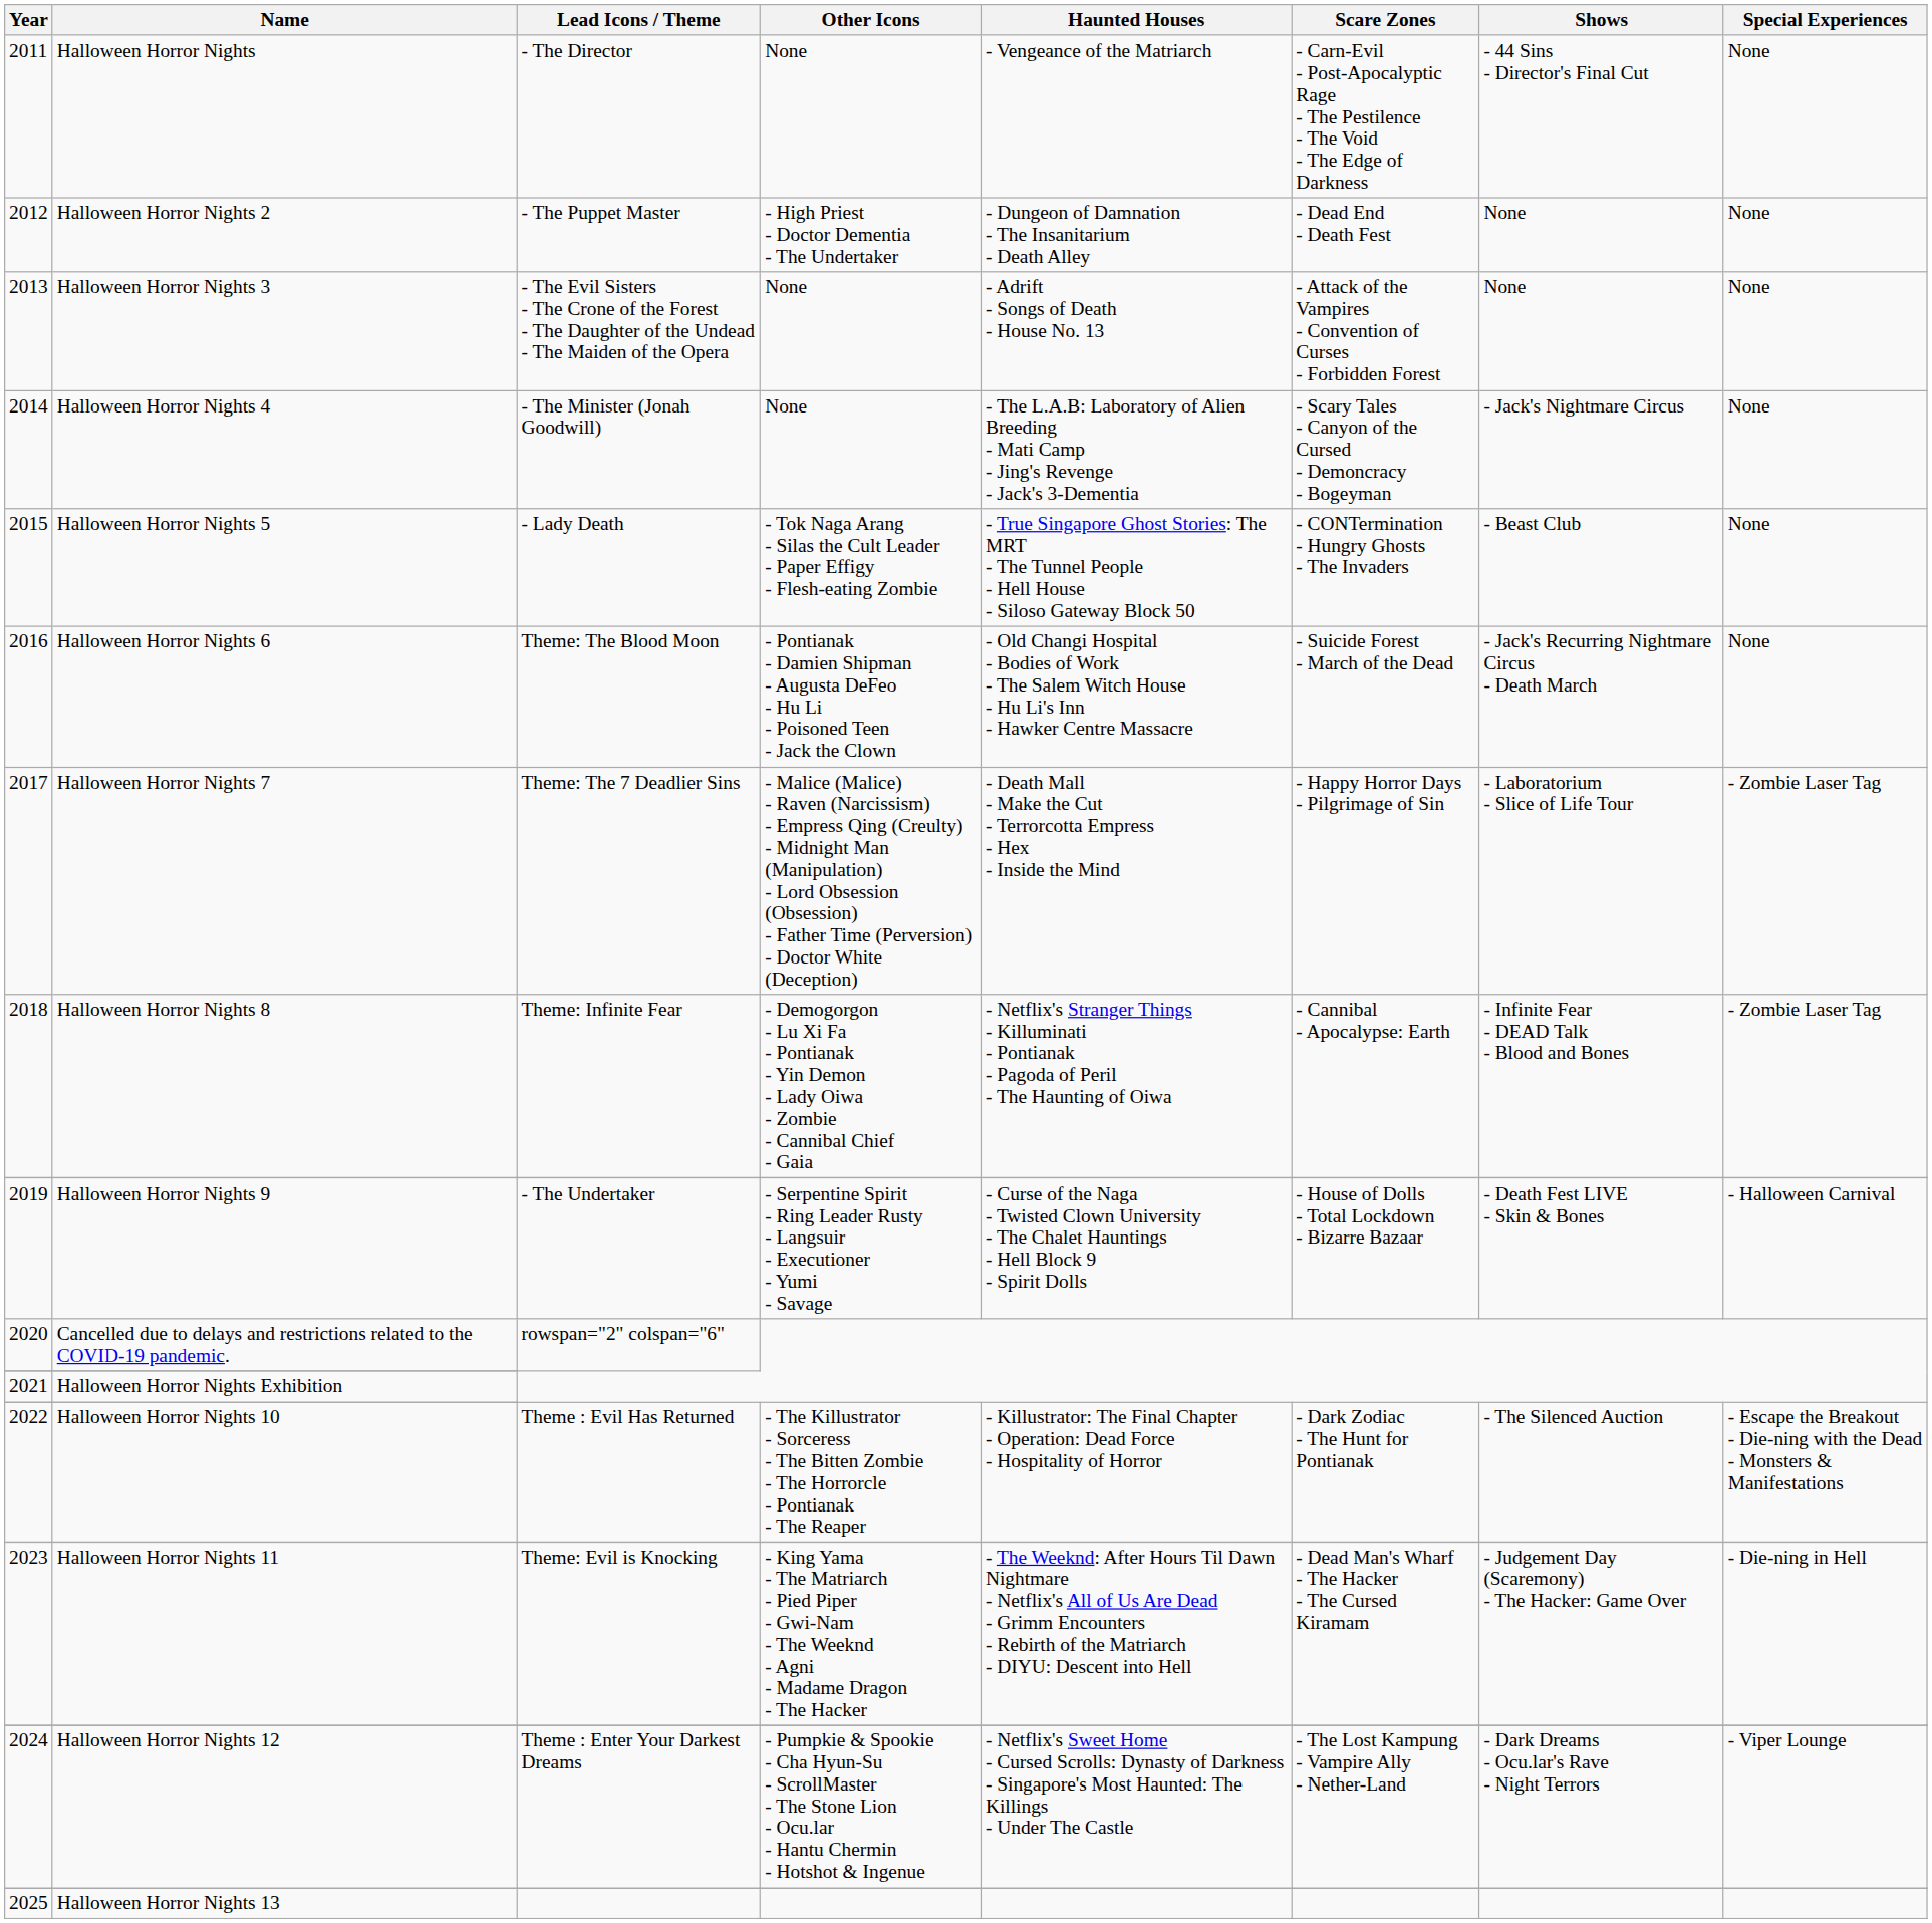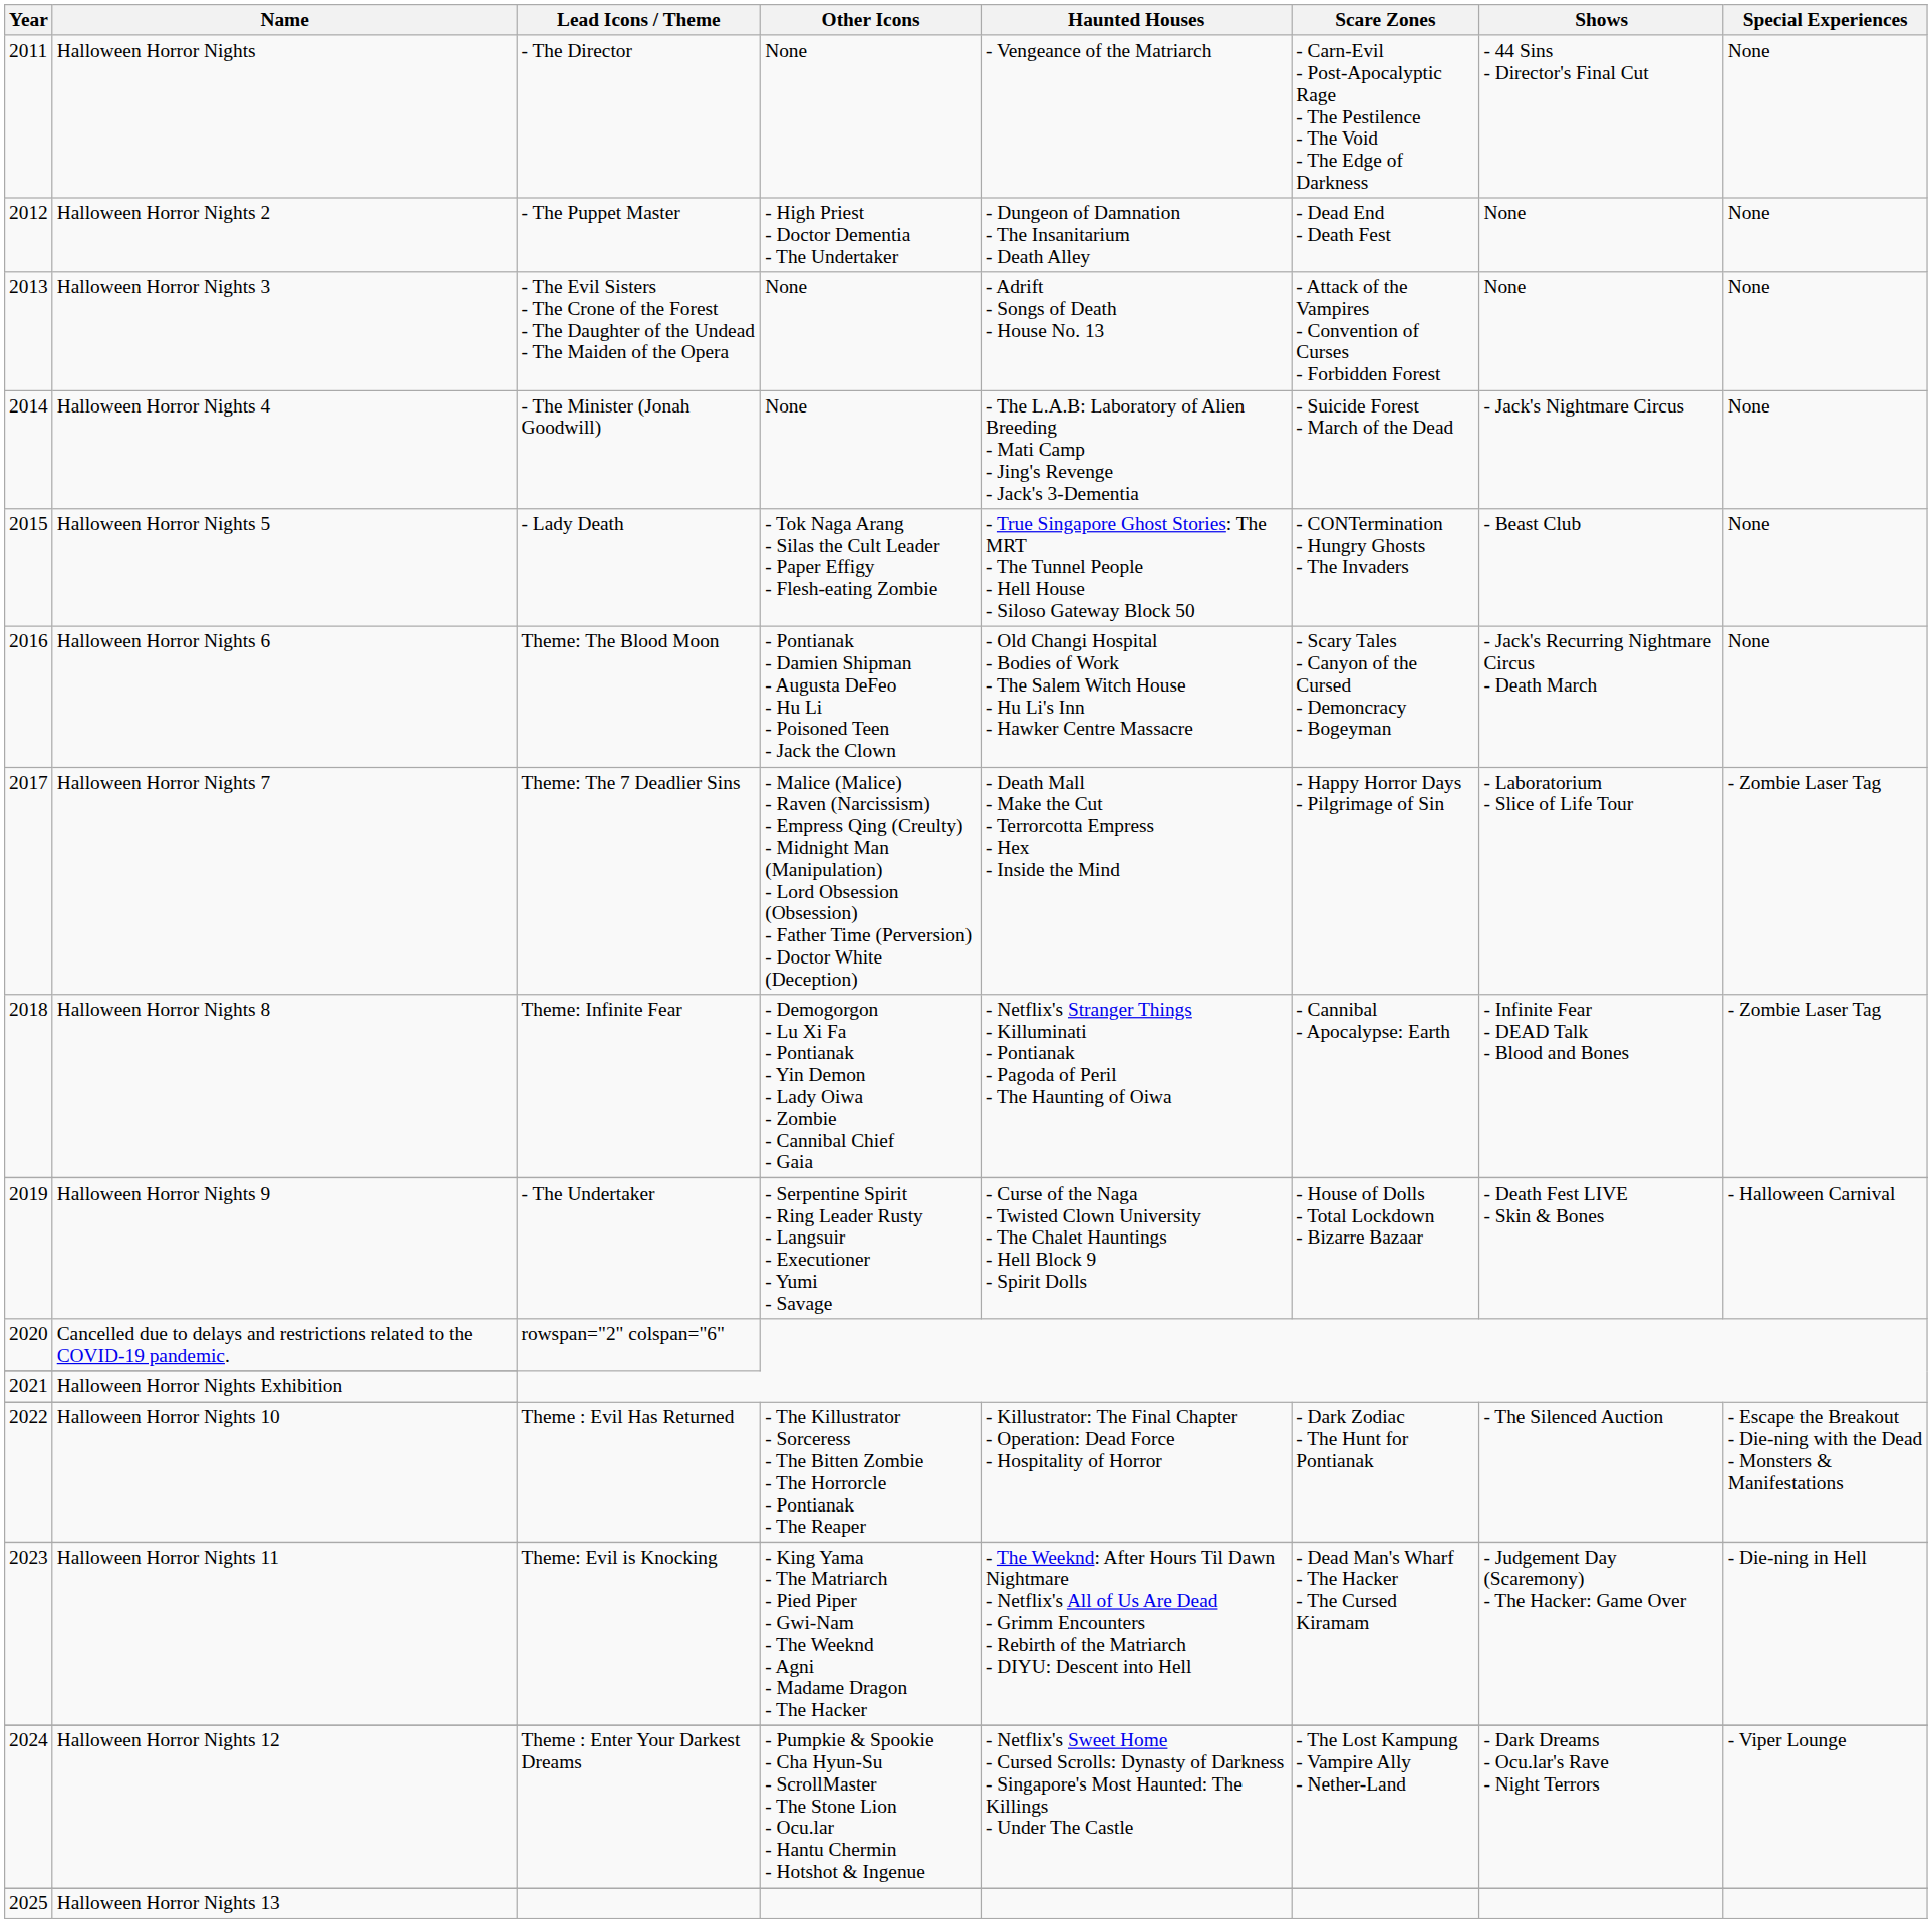 <table class="wikitable collapsible collapsed" style="width:100%">
 <tr>
 <th>Year</th>
 <th>Name</th>
 <th>Lead Icons / Theme</th>
 <th>Other Icons</th>
 <th>Haunted Houses</th>
 <th>Scare Zones</th>
 <th>Shows</th>
 <th>Special Experiences</th>
 </tr>
 <tr valign="top">
 <td>2011</td>
 <td>Halloween Horror Nights</td>
 <td>- The Director</td>
 <td>None</td>
 <td>- Vengeance of the Matriarch</td>
 <td>- Carn-Evil<br>- Post-Apocalyptic Rage<br>- The Pestilence<br>- The Void<br>- The Edge of Darkness</td>
 <td>- 44 Sins<br>- Director's Final Cut</td>
 <td>None</td>
 </tr>
 <tr valign="top">
 <td>2012</td>
 <td>Halloween Horror Nights 2</td>
 <td>- The Puppet Master</td>
 <td>- High Priest<br>- Doctor Dementia<br>- The Undertaker</td>
 <td>- Dungeon of Damnation<br>- The Insanitarium<br>- Death Alley</td>
 <td>- Dead End<br>- Death Fest</td>
 <td>None</td>
 <td>None</td>
 </tr>
 <tr valign="top">
 <td>2013</td>
 <td>Halloween Horror Nights 3</td>
 <td>- The Evil Sisters<br>- The Crone of the Forest<br>- The Daughter of the Undead<br>- The Maiden of the Opera</td>
 <td>None</td>
 <td>- Adrift<br>- Songs of Death<br>- House No. 13</td>
 <td>- Attack of the Vampires<br>- Convention of Curses<br>- Forbidden Forest</td>
 <td>None</td>
 <td>None</td>
 </tr>
 <tr valign="top">
 <td>2014</td>
 <td>Halloween Horror Nights 4</td>
 <td>- The Minister (Jonah Goodwill)</td>
 <td>None</td>
 <td>- The L.A.B: Laboratory of Alien Breeding<br>- Mati Camp<br>- Jing's Revenge<br>- Jack's 3-Dementia</td>
-<td>- Scary Tales<br>- Canyon of the Cursed<br>- Demoncracy<br>- Bogeyman</td>
+<td>- Suicide Forest<br>- March of the Dead</td>
 <td>- Jack's Nightmare Circus</td>
 <td>None</td>
 </tr>
 <tr valign="top">
 <td>2015</td>
 <td>Halloween Horror Nights 5</td>
 <td>- Lady Death</td>
 <td>- Tok Naga Arang<br>- Silas the Cult Leader<br>- Paper Effigy<br>- Flesh-eating Zombie</td>
 <td>- <a href='#'>True Singapore Ghost Stories</a>: The MRT<br>- The Tunnel People<br>- Hell House<br>- Siloso Gateway Block 50</td>
 <td>- CONTermination<br>- Hungry Ghosts<br>- The Invaders</td>
 <td>- Beast Club</td>
 <td>None</td>
 </tr>
 <tr valign="top">
 <td>2016</td>
 <td>Halloween Horror Nights 6</td>
 <td>Theme: The Blood Moon</td>
 <td>- Pontianak<br>- Damien Shipman<br>- Augusta DeFeo<br>- Hu Li<br>- Poisoned Teen<br>- Jack the Clown</td>
 <td>- Old Changi Hospital<br>- Bodies of Work<br>- The Salem Witch House<br>- Hu Li's Inn<br>- Hawker Centre Massacre</td>
-<td>- Suicide Forest<br>- March of the Dead</td>
+<td>- Scary Tales<br>- Canyon of the Cursed<br>- Demoncracy<br>- Bogeyman</td>
 <td>- Jack's Recurring Nightmare Circus<br>- Death March</td>
 <td>None</td>
 </tr>
 <tr valign="top">
 <td>2017</td>
 <td>Halloween Horror Nights 7</td>
 <td>Theme: The 7 Deadlier Sins</td>
 <td>- Malice (Malice)<br>- Raven (Narcissism)<br>- Empress Qing (Creulty)<br>- Midnight Man (Manipulation)<br>- Lord Obsession (Obsession)<br>- Father Time (Perversion)<br>- Doctor White (Deception)</td>
 <td>- Death Mall<br>- Make the Cut<br>- Terrorcotta Empress<br>- Hex<br>- Inside the Mind</td>
 <td>- Happy Horror Days<br>- Pilgrimage of Sin</td>
 <td>- Laboratorium<br>- Slice of Life Tour</td>
 <td>- Zombie Laser Tag</td>
 </tr>
 <tr valign="top">
 <td>2018</td>
 <td>Halloween Horror Nights 8</td>
 <td>Theme: Infinite Fear</td>
 <td>- Demogorgon<br>- Lu Xi Fa<br>- Pontianak<br>- Yin Demon<br>- Lady Oiwa<br>- Zombie<br>- Cannibal Chief<br>- Gaia</td>
 <td>- Netflix's <a href='#'>Stranger Things</a><br>- Killuminati<br>- Pontianak<br>- Pagoda of Peril<br>- The Haunting of Oiwa</td>
 <td>- Cannibal<br>- Apocalypse: Earth</td>
 <td>- Infinite Fear<br>- DEAD Talk<br>- Blood and Bones</td>
 <td>- Zombie Laser Tag</td>
 </tr>
 <tr>
 </tr>
 <tr valign="top">
 <td>2019</td>
 <td>Halloween Horror Nights 9</td>
 <td>- The Undertaker</td>
 <td>- Serpentine Spirit<br>- Ring Leader Rusty<br>- Langsuir<br>- Executioner<br>- Yumi<br>- Savage</td>
 <td>- Curse of the Naga<br>- Twisted Clown University<br>- The Chalet Hauntings<br>- Hell Block 9<br>- Spirit Dolls</td>
 <td>- House of Dolls<br>- Total Lockdown<br>- Bizarre Bazaar</td>
 <td>- Death Fest LIVE<br>- Skin & Bones</td>
 <td>- Halloween Carnival</td>
 </tr>
 <tr valign="top">
 <td>2020</td>
 <td>Cancelled due to delays and restrictions related to the <a href='#'>COVID-19 pandemic</a>.</td>
 <td>rowspan="2" colspan="6" </td>
 </tr>
 <tr>
 </tr>
 <tr valign="top">
 <td>2021</td>
 <td>Halloween Horror Nights Exhibition</td>
 </tr>
 <tr>
 </tr>
 <tr valign="top">
 <td>2022</td>
 <td>Halloween Horror Nights 10</td>
 <td>Theme : Evil Has Returned</td>
 <td>- The Killustrator<br>- Sorceress<br>- The Bitten Zombie<br>- The Horrorcle<br>- Pontianak<br>- The Reaper</td>
 <td>- Killustrator: The Final Chapter <br>- Operation: Dead Force <br>- Hospitality of Horror</td>
 <td>- Dark Zodiac<br>- The Hunt for Pontianak</td>
 <td>- The Silenced Auction</td>
 <td>- Escape the Breakout <br>- Die-ning with the Dead <br>- Monsters & Manifestations</td>
 </tr>
 <tr>
 </tr>
 <tr valign="top">
 <td>2023</td>
 <td>Halloween Horror Nights 11</td>
 <td>Theme: Evil is Knocking</td>
 <td>- King Yama<br>- The Matriarch<br>- Pied Piper<br>- Gwi-Nam<br>- The Weeknd<br>- Agni<br>- Madame Dragon<br>- The Hacker</td>
 <td>- <a href='#'>The Weeknd</a>: After Hours Til Dawn Nightmare<br>- Netflix's <a href='#'>All of Us Are Dead</a><br>- Grimm Encounters<br>- Rebirth of the Matriarch<br>- DIYU: Descent into Hell</td>
 <td>- Dead Man's Wharf<br>- The Hacker<br>- The Cursed Kiramam</td>
 <td>- Judgement Day (Scaremony)<br>- The Hacker: Game Over</td>
 <td>- Die-ning in Hell</td>
 </tr>
 <tr>
 </tr>
 <tr valign="top">
 <td>2024</td>
 <td>Halloween Horror Nights 12</td>
 <td>Theme : Enter Your Darkest Dreams</td>
 <td>- Pumpkie & Spookie<br>- Cha Hyun-Su<br>- ScrollMaster<br>- The Stone Lion<br>- Ocu.lar<br>- Hantu Chermin<br>- Hotshot & Ingenue</td>
 <td>- Netflix's <a href='#'>Sweet Home</a><br>- Cursed Scrolls: Dynasty of Darkness<br>- Singapore's Most Haunted: The Killings<br>- Under The Castle</td>
 <td>- The Lost Kampung<br>- Vampire Ally<br>- Nether-Land</td>
 <td>- Dark Dreams<br>- Ocu.lar's Rave<br>- Night Terrors</td>
 <td>- Viper Lounge</td>
 </tr>
 <tr>
 </tr>
 <tr valign="top">
 <td>2025</td>
 <td>Halloween Horror Nights 13</td>
 <td></td>
 <td></td>
 <td></td>
 <td></td>
 <td></td>
 <td></td>
 </tr>
 <tr>
 </tr>
 </table>
